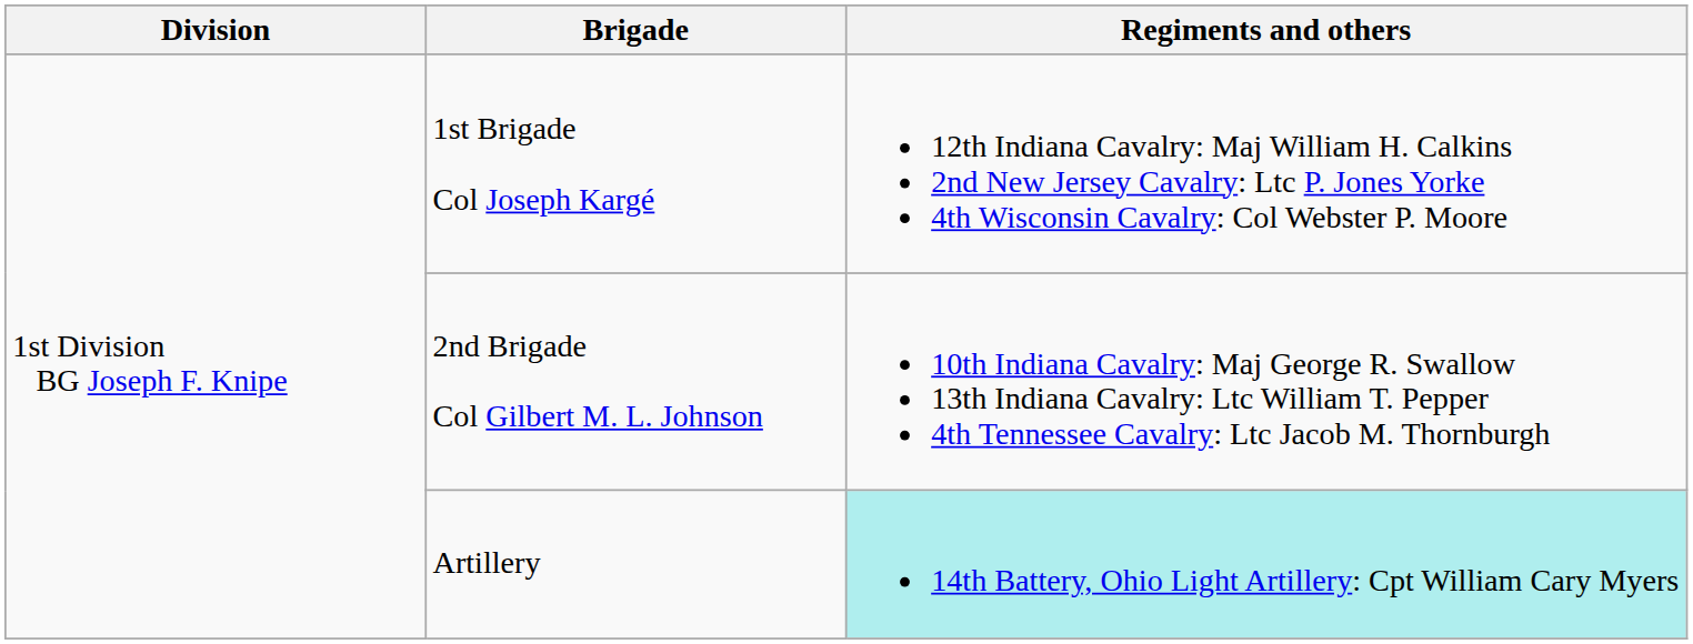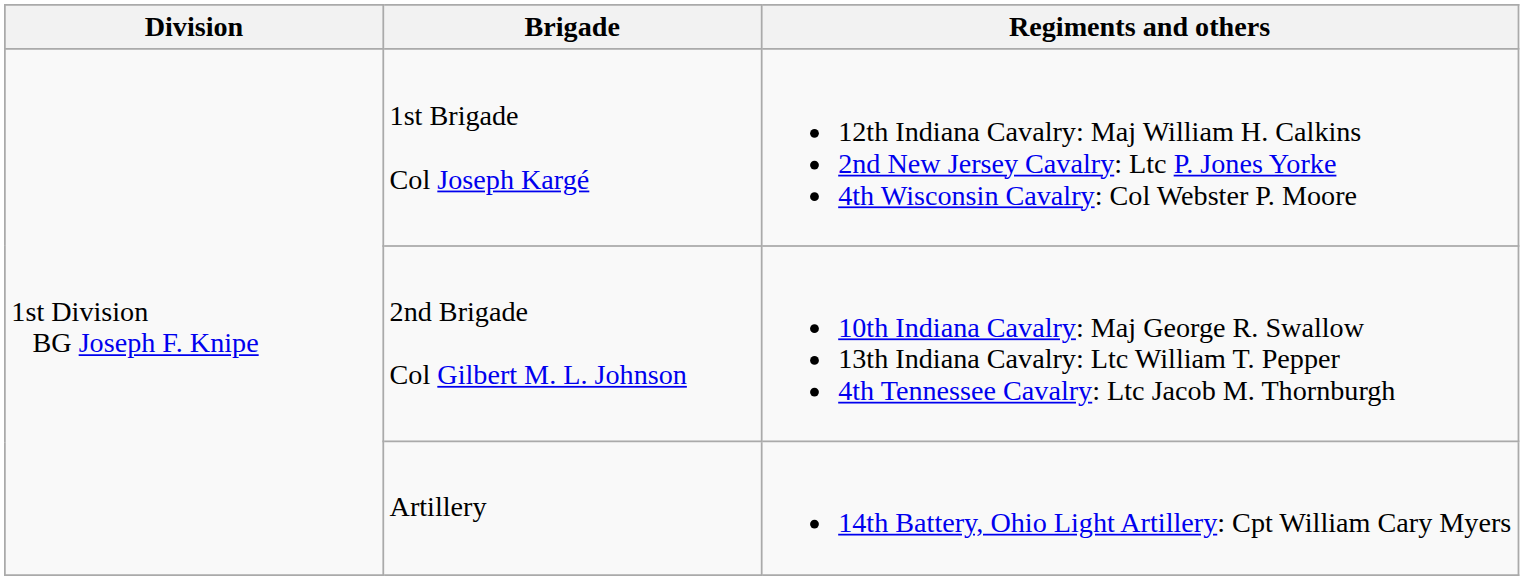 <table class="wikitable">
 <tr>
 <th style="width:25%;">Division</th>
 <th style="width:25%;">Brigade</th>
 <th>Regiments and others</th>
 </tr>
 <tr>
 <td rowspan=3><br>1st Division <br>   BG <a href='#'>Joseph F. Knipe</a></td>
 <td>1st Brigade<br><br> Col <a href='#'>Joseph Kargé</a></td>
 <td><br><ul><li>12th Indiana Cavalry: Maj William H. Calkins</li><li><a href='#'>2nd New Jersey Cavalry</a>: Ltc <a href='#'>P. Jones Yorke</a></li><li><a href='#'>4th Wisconsin Cavalry</a>: Col Webster P. Moore</li></ul></td>
 </tr>
 <tr>
 <td>2nd Brigade<br><br> Col <a href='#'>Gilbert M. L. Johnson</a></td>
 <td><br><ul><li><a href='#'>10th Indiana Cavalry</a>: Maj George R. Swallow</li><li>13th Indiana Cavalry: Ltc William T. Pepper</li><li><a href='#'>4th Tennessee Cavalry</a>: Ltc Jacob M. Thornburgh</li></ul></td>
 </tr>
 <tr>
 <td>Artillery</td>
-<td style="background: paleturquoise;"><br><ul><li><a href='#'>14th Battery, Ohio Light Artillery</a>: Cpt William Cary Myers</li></ul></td>
+<td><br><ul><li><a href='#'>14th Battery, Ohio Light Artillery</a>: Cpt William Cary Myers</li></ul></td>
 </tr>
 </table>
